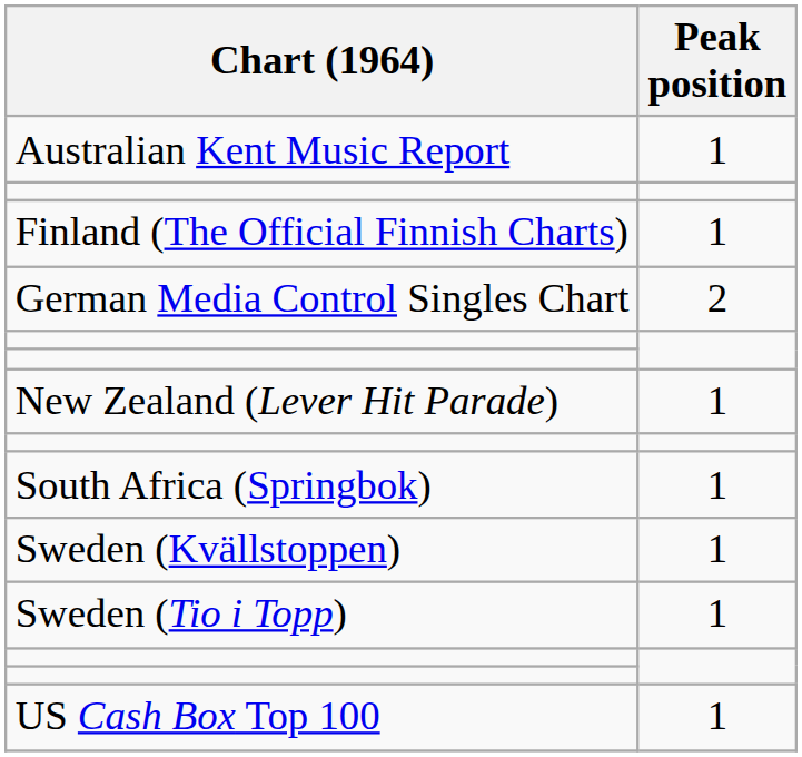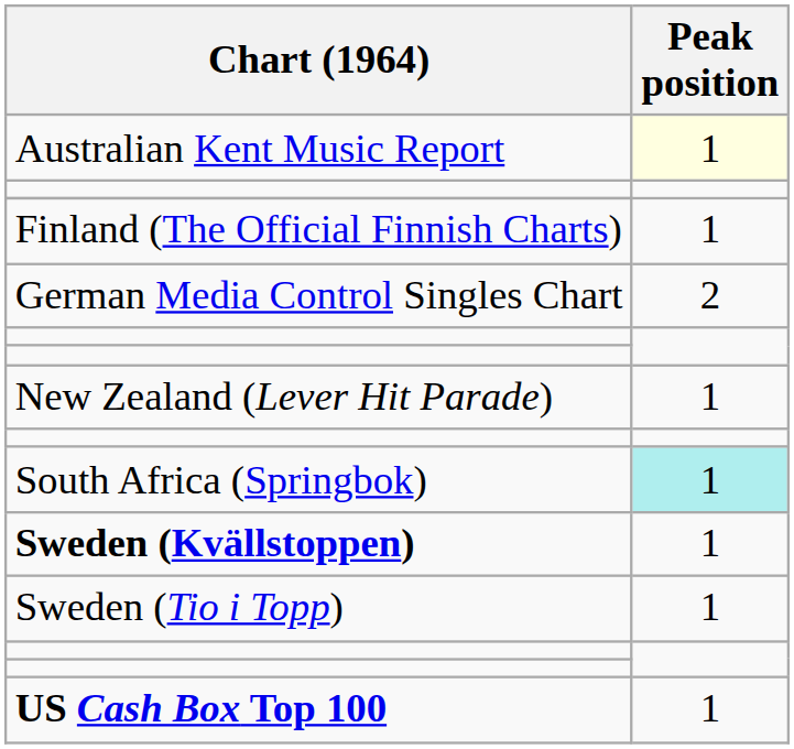 <table class="wikitable sortable">
 <tr>
 <th>Chart (1964)</th>
 <th>Peak<br>position</th>
 </tr>
 <tr>
 <td>Australian <a href='#'>Kent Music Report</a></td>
-<td align="center">1</td>
+<td align="center" style="background: lightyellow;">1</td>
 </tr>
 <tr>
 <td></td>
 </tr>
 <tr>
 </tr>
 <tr>
 <td>Finland (<a href='#'>The Official Finnish Charts</a>)</td>
 <td style="text-align:center;">1</td>
 </tr>
 <tr>
 <td>German <a href='#'>Media Control</a> Singles Chart</td>
 <td align="center">2</td>
 </tr>
 <tr>
 <td></td>
 </tr>
 <tr>
 <td></td>
 </tr>
 <tr>
 <td>New Zealand (<em>Lever Hit Parade</em>)</td>
 <td style="text-align:center;">1</td>
 </tr>
 <tr>
 <td></td>
 </tr>
 <tr>
 <td>South Africa (<a href='#'>Springbok</a>)</td>
-<td align="center">1</td>
+<td align="center" style="background: paleturquoise;">1</td>
 </tr>
 <tr>
-<td>Sweden (<a href='#'>Kvällstoppen</a>)</td>
+<td><strong>Sweden (<a href='#'>Kvällstoppen</a>)</strong></td>
 <td style="text-align:center;">1</td>
 </tr>
 <tr>
 <td>Sweden (<em><a href='#'>Tio i Topp</a></em>)</td>
 <td style="text-align:center;">1</td>
 </tr>
 <tr>
 <td></td>
 </tr>
 <tr>
 <td></td>
 </tr>
 <tr>
-<td>US <a href='#'><em>Cash Box</em> Top 100</a></td>
+<td><strong>US <a href='#'><em>Cash Box</em> Top 100</a></strong></td>
 <td align="center">1</td>
 </tr>
 </table>
